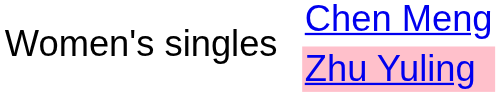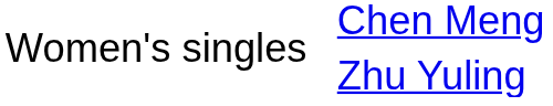 <table>
 <tr>
 <td rowspan=2>Women's singles</td>
 <td rowspan=2></td>
 <td rowspan=2></td>
 <td> <a href='#'>Chen Meng</a></td>
 </tr>
 <tr>
-<td style="background: pink;"> <a href='#'>Zhu Yuling</a></td>
+<td> <a href='#'>Zhu Yuling</a></td>
 </tr>
 <tr>
 </tr>
 </table>
